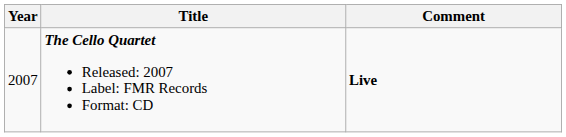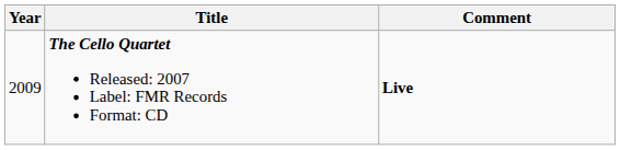 <table class="wikitable">
 <tr>
 <th>Year</th>
 <th style="width:225px;">Title</th>
 <th style="width:225px;">Comment</th>
 </tr>
 <tr>
-<td>2007</td>
+<td>2009</td>
 <td style="width:20em"><strong><em>The Cello Quartet</em></strong><br><ul><li>Released: 2007</li><li>Label: FMR Records </li><li>Format: CD</li></ul></td>
 <td><strong>Live</strong></td>
 </tr>
 </table>
